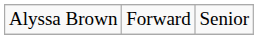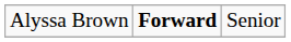 <table class="wikitable">
 <tr align=center>
 </tr>
 <tr>
 <td>Alyssa Brown</td>
-<td>Forward</td>
+<td><strong>Forward</strong></td>
 <td>Senior</td>
 </tr>
 <tr>
 </tr>
 </table>
